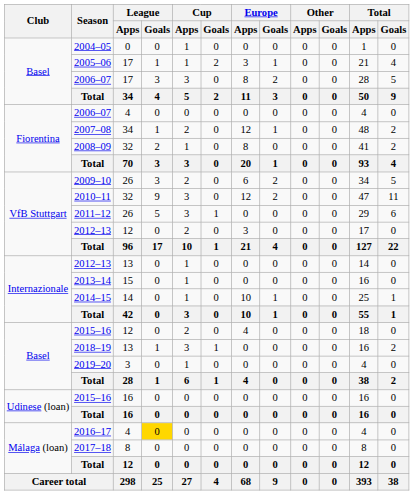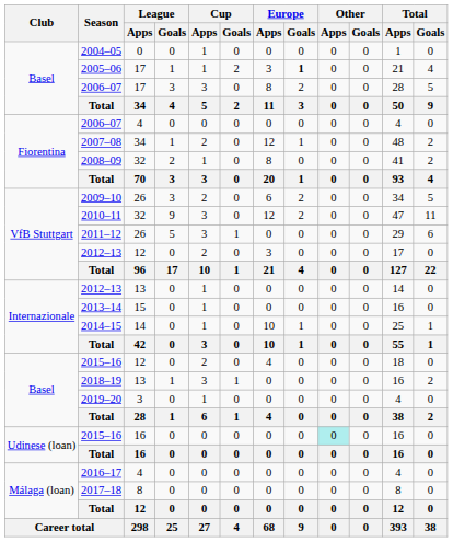 <table class="wikitable" style="text-align: center;">
 <tr>
 <th rowspan="2">Club</th>
 <th rowspan="2">Season</th>
 <th colspan="2">League</th>
 <th colspan="2">Cup</th>
 <th colspan="2"><a href='#'>Europe</a></th>
 <th colspan="2">Other</th>
 <th colspan="2">Total</th>
 </tr>
 <tr>
 <th>Apps</th>
 <th>Goals</th>
 <th>Apps</th>
 <th>Goals</th>
 <th>Apps</th>
 <th>Goals</th>
 <th>Apps</th>
 <th>Goals</th>
 <th>Apps</th>
 <th>Goals</th>
 </tr>
 <tr>
 <td rowspan="4"><a href='#'>Basel</a></td>
 <td><a href='#'>2004–05</a></td>
 <td>0</td>
 <td>0</td>
 <td>1</td>
 <td>0</td>
 <td>0</td>
 <td>0</td>
 <td>0</td>
 <td>0</td>
 <td>1</td>
 <td>0</td>
 </tr>
 <tr>
 <td><a href='#'>2005–06</a></td>
 <td>17</td>
 <td>1</td>
 <td>1</td>
 <td>2</td>
 <td>3</td>
-<td>1</td>
+<td><strong>1</strong></td>
 <td>0</td>
 <td>0</td>
 <td>21</td>
 <td>4</td>
 </tr>
 <tr>
 <td><a href='#'>2006–07</a></td>
 <td>17</td>
 <td>3</td>
 <td>3</td>
 <td>0</td>
 <td>8</td>
 <td>2</td>
 <td>0</td>
 <td>0</td>
 <td>28</td>
 <td>5</td>
 </tr>
 <tr>
 <th>Total</th>
 <th>34</th>
 <th>4</th>
 <th>5</th>
 <th>2</th>
 <th>11</th>
 <th>3</th>
 <th>0</th>
 <th>0</th>
 <th>50</th>
 <th>9</th>
 </tr>
 <tr>
 <td rowspan="4"><a href='#'>Fiorentina</a></td>
 <td><a href='#'>2006–07</a></td>
 <td>4</td>
 <td>0</td>
 <td>0</td>
 <td>0</td>
 <td>0</td>
 <td>0</td>
 <td>0</td>
 <td>0</td>
 <td>4</td>
 <td>0</td>
 </tr>
 <tr>
 <td><a href='#'>2007–08</a></td>
 <td>34</td>
 <td>1</td>
 <td>2</td>
 <td>0</td>
 <td>12</td>
 <td>1</td>
 <td>0</td>
 <td>0</td>
 <td>48</td>
 <td>2</td>
 </tr>
 <tr>
 <td><a href='#'>2008–09</a></td>
 <td>32</td>
 <td>2</td>
 <td>1</td>
 <td>0</td>
 <td>8</td>
 <td>0</td>
 <td>0</td>
 <td>0</td>
 <td>41</td>
 <td>2</td>
 </tr>
 <tr>
 <th>Total</th>
 <th>70</th>
 <th>3</th>
 <th>3</th>
 <th>0</th>
 <th>20</th>
 <th>1</th>
 <th>0</th>
 <th>0</th>
 <th>93</th>
 <th>4</th>
 </tr>
 <tr>
 <td rowspan="5"><a href='#'>VfB Stuttgart</a></td>
 <td><a href='#'>2009–10</a></td>
 <td>26</td>
 <td>3</td>
 <td>2</td>
 <td>0</td>
 <td>6</td>
 <td>2</td>
 <td>0</td>
 <td>0</td>
 <td>34</td>
 <td>5</td>
 </tr>
 <tr>
 <td><a href='#'>2010–11</a></td>
 <td>32</td>
 <td>9</td>
 <td>3</td>
 <td>0</td>
 <td>12</td>
 <td>2</td>
 <td>0</td>
 <td>0</td>
 <td>47</td>
 <td>11</td>
 </tr>
 <tr>
 <td><a href='#'>2011–12</a></td>
 <td>26</td>
 <td>5</td>
 <td>3</td>
 <td>1</td>
 <td>0</td>
 <td>0</td>
 <td>0</td>
 <td>0</td>
 <td>29</td>
 <td>6</td>
 </tr>
 <tr>
 <td><a href='#'>2012–13</a></td>
 <td>12</td>
 <td>0</td>
 <td>2</td>
 <td>0</td>
 <td>3</td>
 <td>0</td>
 <td>0</td>
 <td>0</td>
 <td>17</td>
 <td>0</td>
 </tr>
 <tr>
 <th>Total</th>
 <th>96</th>
 <th>17</th>
 <th>10</th>
 <th>1</th>
 <th>21</th>
 <th>4</th>
 <th>0</th>
 <th>0</th>
 <th>127</th>
 <th>22</th>
 </tr>
 <tr>
 <td rowspan="4"><a href='#'>Internazionale</a></td>
 <td><a href='#'>2012–13</a></td>
 <td>13</td>
 <td>0</td>
 <td>1</td>
 <td>0</td>
 <td>0</td>
 <td>0</td>
 <td>0</td>
 <td>0</td>
 <td>14</td>
 <td>0</td>
 </tr>
 <tr>
 <td><a href='#'>2013–14</a></td>
 <td>15</td>
 <td>0</td>
 <td>1</td>
 <td>0</td>
 <td>0</td>
 <td>0</td>
 <td>0</td>
 <td>0</td>
 <td>16</td>
 <td>0</td>
 </tr>
 <tr>
 <td><a href='#'>2014–15</a></td>
 <td>14</td>
 <td>0</td>
 <td>1</td>
 <td>0</td>
 <td>10</td>
 <td>1</td>
 <td>0</td>
 <td>0</td>
 <td>25</td>
 <td>1</td>
 </tr>
 <tr>
 <th>Total</th>
 <th>42</th>
 <th>0</th>
 <th>3</th>
 <th>0</th>
 <th>10</th>
 <th>1</th>
 <th>0</th>
 <th>0</th>
 <th>55</th>
 <th>1</th>
 </tr>
 <tr>
 <td rowspan="4"><a href='#'>Basel</a></td>
 <td><a href='#'>2015–16</a></td>
 <td>12</td>
 <td>0</td>
 <td>2</td>
 <td>0</td>
 <td>4</td>
 <td>0</td>
 <td>0</td>
 <td>0</td>
 <td>18</td>
 <td>0</td>
 </tr>
 <tr>
 <td><a href='#'>2018–19</a></td>
 <td>13</td>
 <td>1</td>
 <td>3</td>
 <td>1</td>
 <td>0</td>
 <td>0</td>
 <td>0</td>
 <td>0</td>
 <td>16</td>
 <td>2</td>
 </tr>
 <tr>
 <td><a href='#'>2019–20</a></td>
 <td>3</td>
 <td>0</td>
 <td>1</td>
 <td>0</td>
 <td>0</td>
 <td>0</td>
 <td>0</td>
 <td>0</td>
 <td>4</td>
 <td>0</td>
 </tr>
 <tr>
 <th>Total</th>
 <th>28</th>
 <th>1</th>
 <th>6</th>
 <th>1</th>
 <th>4</th>
 <th>0</th>
 <th>0</th>
 <th>0</th>
 <th>38</th>
 <th>2</th>
 </tr>
 <tr>
 <td rowspan="2"><a href='#'>Udinese</a> (loan)</td>
 <td><a href='#'>2015–16</a></td>
 <td>16</td>
 <td>0</td>
 <td>0</td>
 <td>0</td>
 <td>0</td>
 <td>0</td>
-<td>0</td>
+<td style="background: paleturquoise;">0</td>
 <td>0</td>
 <td>16</td>
 <td>0</td>
 </tr>
 <tr>
 <th>Total</th>
 <th>16</th>
 <th>0</th>
 <th>0</th>
 <th>0</th>
 <th>0</th>
 <th>0</th>
 <th>0</th>
 <th>0</th>
 <th>16</th>
 <th>0</th>
 </tr>
 <tr>
 <td rowspan="3"><a href='#'>Málaga</a> (loan)</td>
 <td><a href='#'>2016–17</a></td>
 <td>4</td>
-<td style="background: gold;">0</td>
+<td>0</td>
 <td>0</td>
 <td>0</td>
 <td>0</td>
 <td>0</td>
 <td>0</td>
 <td>0</td>
 <td>4</td>
 <td>0</td>
 </tr>
 <tr>
 <td><a href='#'>2017–18</a></td>
 <td>8</td>
 <td>0</td>
 <td>0</td>
 <td>0</td>
 <td>0</td>
 <td>0</td>
 <td>0</td>
 <td>0</td>
 <td>8</td>
 <td>0</td>
 </tr>
 <tr>
 <th>Total</th>
 <th>12</th>
 <th>0</th>
 <th>0</th>
 <th>0</th>
 <th>0</th>
 <th>0</th>
 <th>0</th>
 <th>0</th>
 <th>12</th>
 <th>0</th>
 </tr>
 <tr>
 <th colspan="2">Career total</th>
 <th>298</th>
 <th>25</th>
 <th>27</th>
 <th>4</th>
 <th>68</th>
 <th>9</th>
 <th>0</th>
 <th>0</th>
 <th>393</th>
 <th>38</th>
 </tr>
 </table>
